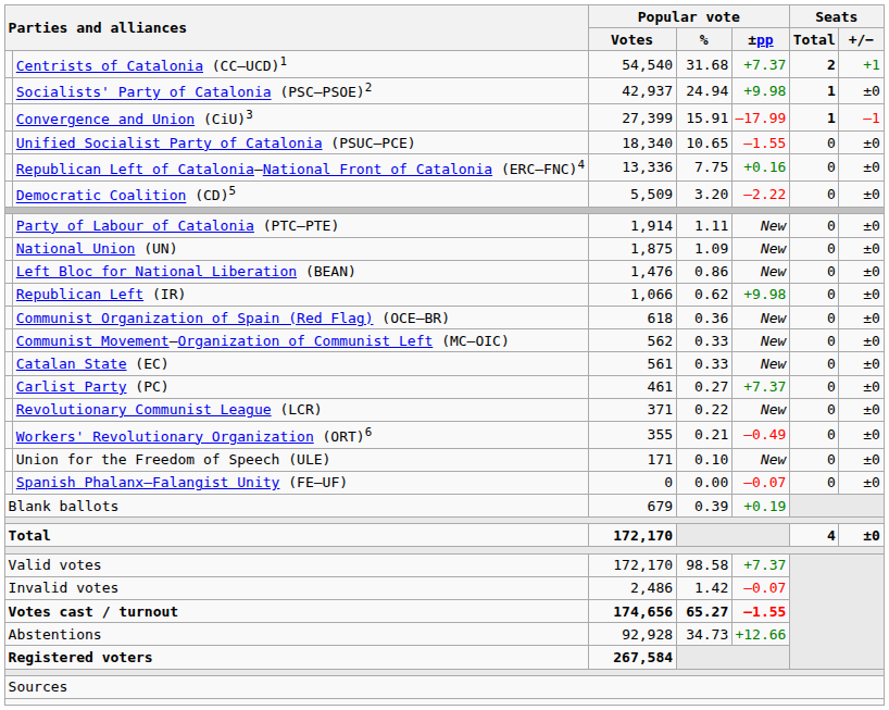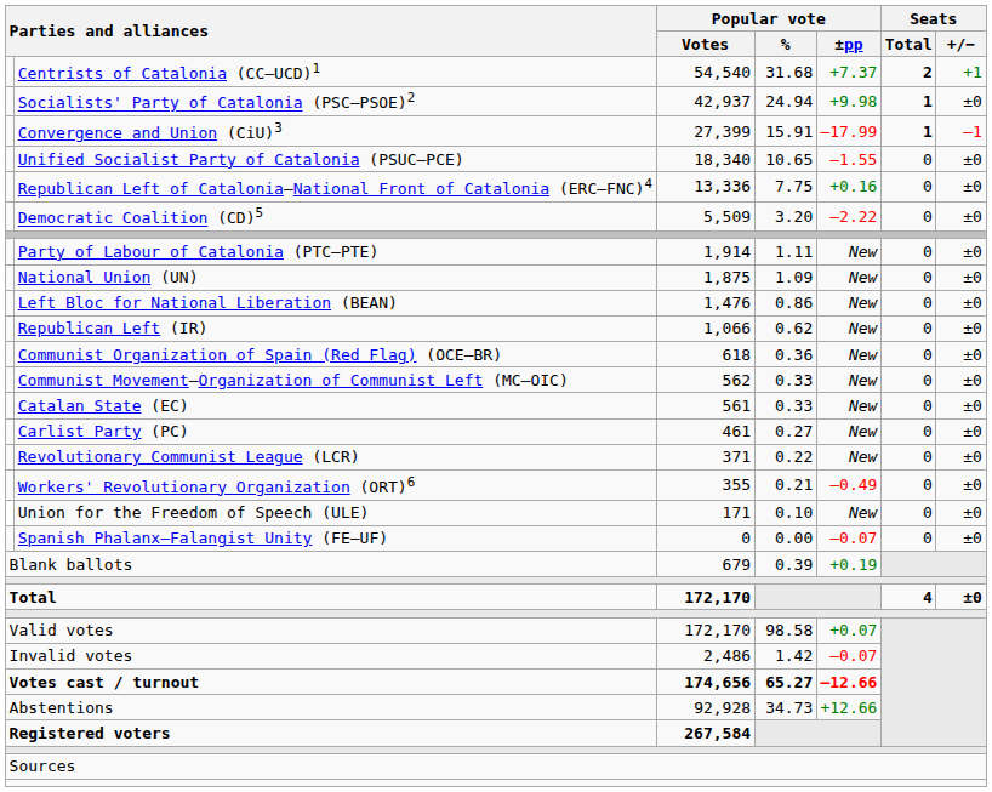 <table class="wikitable" style="text-align:right;">
 <tr>
 <th style="text-align:left;" rowspan="2" colspan="2" width="525">Parties and alliances</th>
 <th colspan="3">Popular vote</th>
 <th colspan="2">Seats</th>
 </tr>
 <tr>
 <th width="75">Votes</th>
 <th width="45">%</th>
 <th width="45">±<a href='#'>pp</a></th>
 <th width="35">Total</th>
 <th width="35">+/−</th>
 </tr>
 <tr>
 <td width="1" style="color:inherit;background:"></td>
 <td align="left"><a href='#'>Centrists of Catalonia</a> (CC–UCD)<sup>1</sup></td>
 <td>54,540</td>
 <td>31.68</td>
 <td style="color:green;">+7.37</td>
 <td><strong>2</strong></td>
 <td style="color:green;">+1</td>
 </tr>
 <tr>
 <td style="color:inherit;background:"></td>
 <td align="left"><a href='#'>Socialists' Party of Catalonia</a> (PSC–PSOE)<sup>2</sup></td>
 <td>42,937</td>
 <td>24.94</td>
 <td style="color:green;">+9.98</td>
 <td><strong>1</strong></td>
 <td>±0</td>
 </tr>
 <tr>
 <td style="color:inherit;background:"></td>
 <td align="left"><a href='#'>Convergence and Union</a> (CiU)<sup>3</sup></td>
 <td>27,399</td>
 <td>15.91</td>
 <td style="color:red;">–17.99</td>
 <td><strong>1</strong></td>
 <td style="color:red;">–1</td>
 </tr>
 <tr>
 <td style="color:inherit;background:"></td>
 <td align="left"><a href='#'>Unified Socialist Party of Catalonia</a> (PSUC–PCE)</td>
 <td>18,340</td>
 <td>10.65</td>
 <td style="color:red;">–1.55</td>
 <td>0</td>
 <td>±0</td>
 </tr>
 <tr>
 <td style="color:inherit;background:"></td>
 <td align="left"><a href='#'>Republican Left of Catalonia</a>–<a href='#'>National Front of Catalonia</a> (ERC–FNC)<sup>4</sup></td>
 <td>13,336</td>
 <td>7.75</td>
 <td style="color:green;">+0.16</td>
 <td>0</td>
 <td>±0</td>
 </tr>
 <tr>
 <td style="color:inherit;background:"></td>
 <td align="left"><a href='#'>Democratic Coalition</a> (CD)<sup>5</sup></td>
 <td>5,509</td>
 <td>3.20</td>
 <td style="color:red;">–2.22</td>
 <td>0</td>
 <td>±0</td>
 </tr>
 <tr>
 <td colspan="7" bgcolor="#C0C0C0"></td>
 </tr>
 <tr>
 <td style="color:inherit;background:"></td>
 <td align="left"><a href='#'>Party of Labour of Catalonia</a> (PTC–PTE)</td>
 <td>1,914</td>
 <td>1.11</td>
 <td><em>New</em></td>
 <td>0</td>
 <td>±0</td>
 </tr>
 <tr>
 <td style="color:inherit;background:"></td>
 <td align="left"><a href='#'>National Union</a> (UN)</td>
 <td>1,875</td>
 <td>1.09</td>
 <td><em>New</em></td>
 <td>0</td>
 <td>±0</td>
 </tr>
 <tr>
 <td style="color:inherit;background:"></td>
 <td align="left"><a href='#'>Left Bloc for National Liberation</a> (BEAN)</td>
 <td>1,476</td>
 <td>0.86</td>
 <td><em>New</em></td>
 <td>0</td>
 <td>±0</td>
 </tr>
 <tr>
 <td style="color:inherit;background:"></td>
 <td align="left"><a href='#'>Republican Left</a> (IR)</td>
 <td>1,066</td>
 <td>0.62</td>
-<td style="color:green;">+9.98</td>
+<td><em>New</em></td>
 <td>0</td>
 <td>±0</td>
 </tr>
 <tr>
 <td style="color:inherit;background:"></td>
 <td align="left"><a href='#'>Communist Organization of Spain (Red Flag)</a> (OCE–BR)</td>
 <td>618</td>
 <td>0.36</td>
 <td><em>New</em></td>
 <td>0</td>
 <td>±0</td>
 </tr>
 <tr>
 <td style="color:inherit;background:"></td>
 <td align="left"><a href='#'>Communist Movement</a>–<a href='#'>Organization of Communist Left</a> (MC–OIC)</td>
 <td>562</td>
 <td>0.33</td>
 <td><em>New</em></td>
 <td>0</td>
 <td>±0</td>
 </tr>
 <tr>
 <td style="color:inherit;background:"></td>
 <td align="left"><a href='#'>Catalan State</a> (EC)</td>
 <td>561</td>
 <td>0.33</td>
 <td><em>New</em></td>
 <td>0</td>
 <td>±0</td>
 </tr>
 <tr>
 <td style="color:inherit;background:"></td>
 <td align="left"><a href='#'>Carlist Party</a> (PC)</td>
 <td>461</td>
 <td>0.27</td>
-<td style="color:green;">+7.37</td>
+<td><em>New</em></td>
 <td>0</td>
 <td>±0</td>
 </tr>
 <tr>
 <td style="color:inherit;background:"></td>
 <td align="left"><a href='#'>Revolutionary Communist League</a> (LCR)</td>
 <td>371</td>
 <td>0.22</td>
 <td><em>New</em></td>
 <td>0</td>
 <td>±0</td>
 </tr>
 <tr>
 <td style="color:inherit;background:"></td>
 <td align="left"><a href='#'>Workers' Revolutionary Organization</a> (ORT)<sup>6</sup></td>
 <td>355</td>
 <td>0.21</td>
 <td style="color:red;">–0.49</td>
 <td>0</td>
 <td>±0</td>
 </tr>
 <tr>
 <td bgcolor="white"></td>
 <td align="left">Union for the Freedom of Speech (ULE)</td>
 <td>171</td>
 <td>0.10</td>
 <td><em>New</em></td>
 <td>0</td>
 <td>±0</td>
 </tr>
 <tr>
 <td style="color:inherit;background:"></td>
 <td align="left"><a href='#'>Spanish Phalanx–Falangist Unity</a> (FE–UF)</td>
 <td>0</td>
 <td>0.00</td>
 <td style="color:red;">–0.07</td>
 <td>0</td>
 <td>±0</td>
 </tr>
 <tr>
 <td align="left" colspan="2">Blank ballots</td>
 <td>679</td>
 <td>0.39</td>
 <td style="color:green;">+0.19</td>
 <td bgcolor="#E9E9E9" colspan="2"></td>
 </tr>
 <tr>
 <td colspan="7" bgcolor="#E9E9E9"></td>
 </tr>
 <tr style="font-weight:bold;">
 <td align="left" colspan="2">Total</td>
 <td>172,170</td>
 <td bgcolor="#E9E9E9" colspan="2"></td>
 <td>4</td>
 <td>±0</td>
 </tr>
 <tr>
 <td colspan="7" bgcolor="#E9E9E9"></td>
 </tr>
 <tr>
 <td align="left" colspan="2">Valid votes</td>
 <td>172,170</td>
 <td>98.58</td>
-<td style="color:green;">+7.37</td>
+<td style="color:green;">+0.07</td>
 <td bgcolor="#E9E9E9" colspan="2" rowspan="5"></td>
 </tr>
 <tr>
 <td align="left" colspan="2">Invalid votes</td>
 <td>2,486</td>
 <td>1.42</td>
 <td style="color:red;">–0.07</td>
 </tr>
 <tr style="font-weight:bold;">
 <td align="left" colspan="2">Votes cast / turnout</td>
 <td>174,656</td>
 <td>65.27</td>
-<td style="color:red;">–1.55</td>
+<td style="color:red;">–12.66</td>
 </tr>
 <tr>
 <td align="left" colspan="2">Abstentions</td>
 <td>92,928</td>
 <td>34.73</td>
 <td style="color:green;">+12.66</td>
 </tr>
 <tr style="font-weight:bold;">
 <td align="left" colspan="2">Registered voters</td>
 <td>267,584</td>
 <td bgcolor="#E9E9E9" colspan="2"></td>
 </tr>
 <tr>
 <td colspan="7" bgcolor="#E9E9E9"></td>
 </tr>
 <tr>
 <td align="left" colspan="7">Sources</td>
 </tr>
 <tr>
 <td colspan="7" style="text-align:left; max-width:790px;"></td>
 </tr>
 </table>
